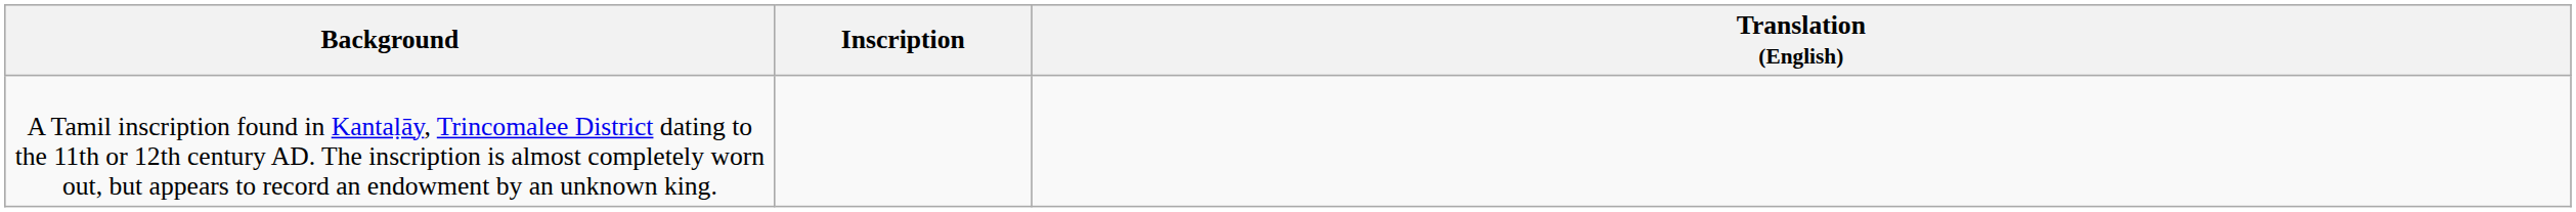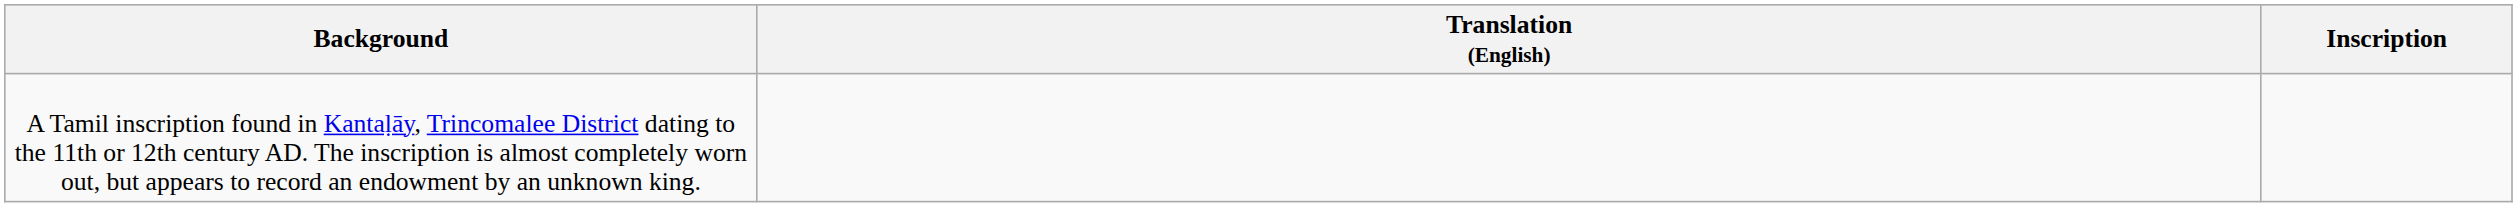 <table class="wikitable centre">
 <tr>
 <th scope="col" align=left>Background<br></th>
+<th>Translation<br><small>(English)</small></th>
 <th>Inscription<br></th>
-<th>Translation<br><small>(English)</small></th>
 </tr>
 <tr>
 <td align=center width="30%"><br>A Tamil inscription found in <a href='#'>Kantaḷāy</a>, <a href='#'>Trincomalee District</a> dating to the 11th or 12th century AD. The inscription is almost completely worn out, but appears to record an endowment by an unknown king.</td>
+<td align=left><br></td>
 <td align=center width="10%"></td>
-<td align=left><br></td>
 </tr>
 </table>
